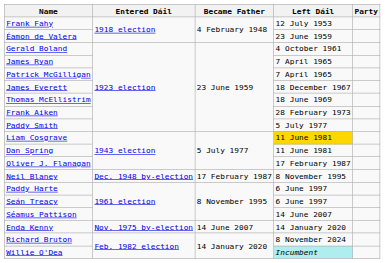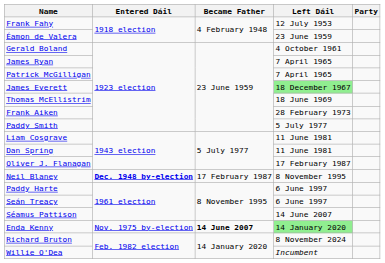 <table class="wikitable">
 <tr>
 <th>Name</th>
 <th>Entered Dáil</th>
 <th>Became Father</th>
 <th>Left Dáil</th>
 <th colspan=2>Party</th>
 </tr>
 <tr>
 <td><a href='#'>Frank Fahy</a></td>
 <td rowspan=2><a href='#'>1918 election</a></td>
 <td rowspan=2>4 February 1948</td>
 <td>12 July 1953</td>
 <td></td>
 </tr>
 <tr>
 <td><a href='#'>Éamon de Valera</a></td>
 <td>23 June 1959</td>
 <td></td>
 </tr>
 <tr>
 <td><a href='#'>Gerald Boland</a></td>
 <td rowspan=7><a href='#'>1923 election</a></td>
 <td rowspan=7>23 June 1959</td>
 <td>4 October 1961</td>
 <td></td>
 </tr>
 <tr>
 <td><a href='#'>James Ryan</a></td>
 <td>7 April 1965</td>
 <td></td>
 </tr>
 <tr>
 <td><a href='#'>Patrick McGilligan</a></td>
 <td>7 April 1965</td>
 <td></td>
 </tr>
 <tr>
 <td><a href='#'>James Everett</a></td>
-<td>18 December 1967</td>
+<td style="background: lightgreen;">18 December 1967</td>
 <td></td>
 </tr>
 <tr>
 <td><a href='#'>Thomas McEllistrim</a></td>
 <td>18 June 1969</td>
 <td></td>
 </tr>
 <tr>
 <td><a href='#'>Frank Aiken</a></td>
 <td>28 February 1973</td>
 <td></td>
 </tr>
 <tr>
 <td><a href='#'>Paddy Smith</a></td>
 <td>5 July 1977</td>
 <td></td>
 </tr>
 <tr>
 <td><a href='#'>Liam Cosgrave</a></td>
 <td rowspan=3><a href='#'>1943 election</a></td>
 <td rowspan=3>5 July 1977</td>
-<td style="background: gold;">11 June 1981</td>
+<td>11 June 1981</td>
 <td></td>
 </tr>
 <tr>
 <td><a href='#'>Dan Spring</a></td>
 <td>11 June 1981</td>
 <td></td>
 </tr>
 <tr>
 <td><a href='#'>Oliver J. Flanagan</a></td>
 <td>17 February 1987</td>
 <td></td>
 </tr>
 <tr>
 <td><a href='#'>Neil Blaney</a></td>
-<td><a href='#'>Dec. 1948 by-election</a></td>
+<td><strong><a href='#'>Dec. 1948 by-election</a></strong></td>
 <td>17 February 1987</td>
 <td>8 November 1995</td>
 <td></td>
 </tr>
 <tr>
 <td><a href='#'>Paddy Harte</a></td>
 <td rowspan=3><a href='#'>1961 election</a></td>
 <td rowspan=3>8 November 1995</td>
 <td>6 June 1997</td>
 <td></td>
 </tr>
 <tr>
 <td><a href='#'>Seán Treacy</a></td>
 <td>6 June 1997</td>
 <td></td>
 </tr>
 <tr>
 <td><a href='#'>Séamus Pattison</a></td>
 <td>14 June 2007</td>
 <td></td>
 </tr>
 <tr>
 <td><a href='#'>Enda Kenny</a></td>
 <td><a href='#'>Nov. 1975 by-election</a></td>
-<td>14 June 2007</td>
-<td>14 January 2020</td>
+<td><strong>14 June 2007</strong></td>
+<td style="background: lightgreen;">14 January 2020</td>
 <td></td>
 </tr>
 <tr>
 <td><a href='#'>Richard Bruton</a></td>
 <td rowspan=2><a href='#'>Feb. 1982 election</a></td>
 <td rowspan=2>14 January 2020</td>
 <td>8 November 2024</td>
 <td></td>
 </tr>
 <tr>
 <td><a href='#'>Willie O'Dea</a></td>
-<td style="background: paleturquoise;"><em>Incumbent</em></td>
+<td><em>Incumbent</em></td>
 <td></td>
 </tr>
 </table>
